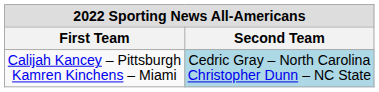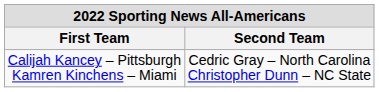 <table class="wikitable" style="white-space:nowrap; text-align:center; font-size:90%;">
 <tr>
 <td colspan="7" style="text-align:center; background:#ddd;"><strong>2022 Sporting News All-Americans</strong></td>
 </tr>
 <tr>
 <th>First Team</th>
 <th>Second Team</th>
 </tr>
 <tr>
 <td><a href='#'>Calijah Kancey</a> – Pittsburgh<br><a href='#'>Kamren Kinchens</a> – Miami</td>
-<td style="background: lightblue;">Cedric Gray – North Carolina<br><a href='#'>Christopher Dunn</a> – NC State</td>
+<td>Cedric Gray – North Carolina<br><a href='#'>Christopher Dunn</a> – NC State</td>
 </tr>
 </table>
